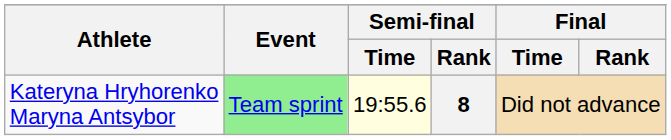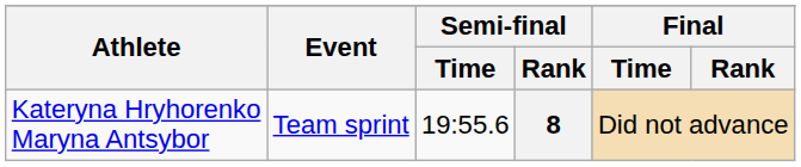 <table class="wikitable">
 <tr>
 </tr>
 <tr>
 <th rowspan="2">Athlete</th>
 <th rowspan="2">Event</th>
 <th colspan="2">Semi-final</th>
 <th colspan="2">Final</th>
 </tr>
 <tr>
 <th>Time</th>
 <th>Rank</th>
 <th>Time</th>
 <th>Rank</th>
 </tr>
 <tr>
 <td><a href='#'>Kateryna Hryhorenko</a><br><a href='#'>Maryna Antsybor</a></td>
-<td style="background: lightgreen;"><a href='#'>Team sprint</a></td>
-<td align="center" style="background: lightyellow;">19:55.6</td>
+<td><a href='#'>Team sprint</a></td>
+<td align="center">19:55.6</td>
 <th align="center">8</th>
 <td colspan=2 align="center" bgcolor=wheat>Did not advance</td>
 </tr>
 </table>
